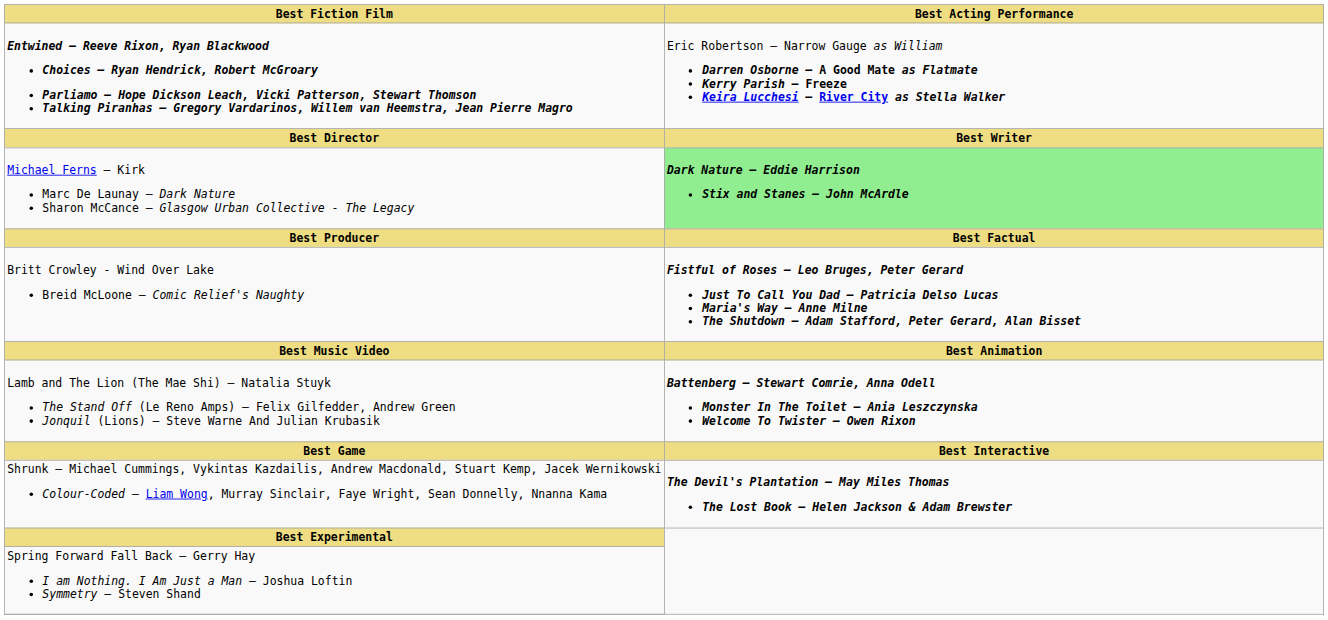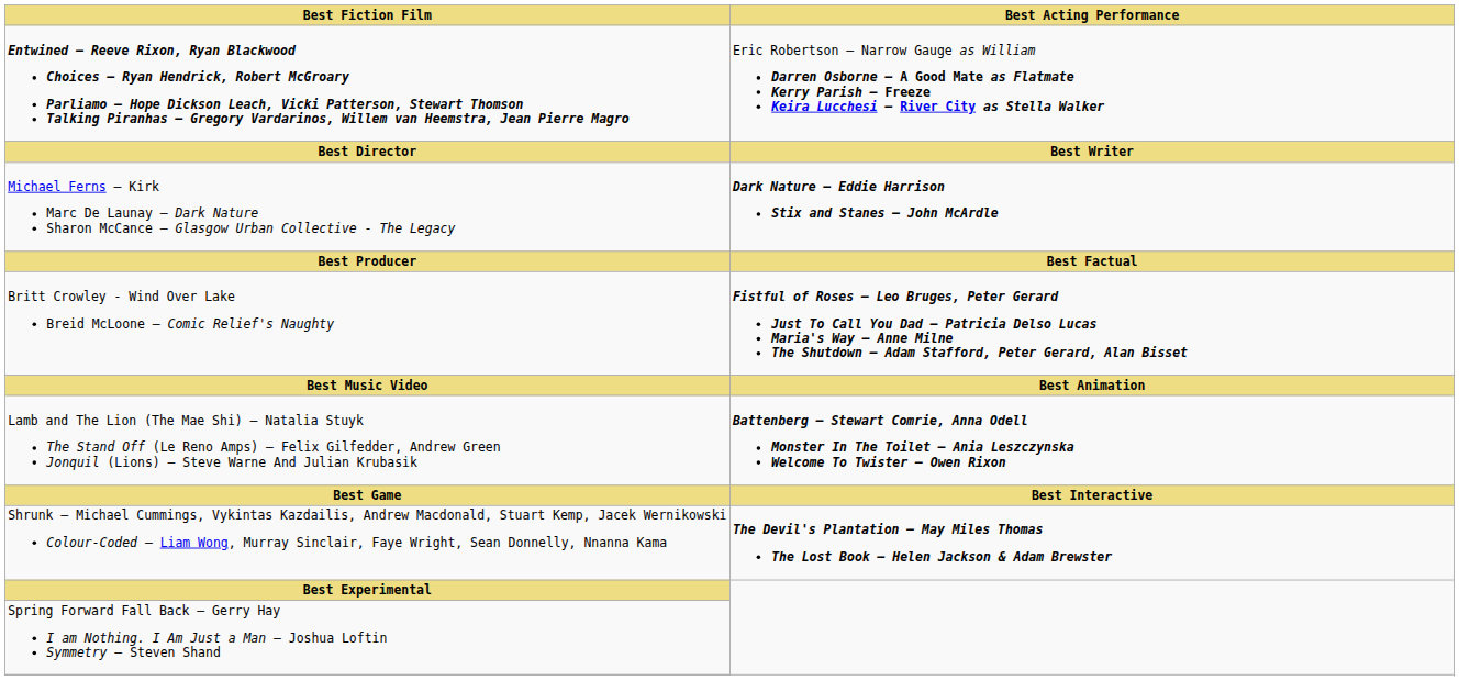 <table class=wikitable>
 <tr>
 <th style="background:#EEDD82; width:50%">Best Fiction Film</th>
 <th style="background:#EEDD82; width:50%">Best Acting Performance</th>
 </tr>
 <tr>
 <td valign="top"><br><strong><em>Entwined<em> – Reeve Rixon, Ryan Blackwood<strong><ul><li></em>Choices<em> – Ryan Hendrick, Robert McGroary</li></ul><ul><li></em>Parliamo<em> – Hope Dickson Leach, Vicki Patterson, Stewart Thomson</li><li></em>Talking Piranhas<em> – Gregory Vardarinos, Willem van Heemstra, Jean Pierre Magro</li></ul></td>
 <td valign="top"><br></strong>Eric Robertson – </em>Narrow Gauge<em> as William<strong><ul><li>Darren Osborne – </em>A Good Mate<em> as Flatmate</li><li>Kerry Parish – </em>Freeze<em></li><li><a href='#'>Keira Lucchesi</a> – </em><a href='#'>River City</a><em> as Stella Walker</li></ul></td>
 </tr>
 <tr>
 <th style="background:#EEDD82; width:50%">Best Director</th>
 <th style="background:#EEDD82; width:50%">Best Writer</th>
 </tr>
 <tr>
 <td valign="top"><br></strong><a href='#'>Michael Ferns</a> – </em>Kirk</em></strong><ul><li>Marc De Launay – <em>Dark Nature</em></li><li>Sharon McCance – <em>Glasgow Urban Collective - The Legacy</em></li></ul></td>
-<td valign="top" style="background: lightgreen;"><br><strong><em>Dark Nature<em> – Eddie Harrison<strong><ul><li></em>Stix and Stanes<em> – John McArdle</li></ul></td>
+<td valign="top"><br><strong><em>Dark Nature<em> – Eddie Harrison<strong><ul><li></em>Stix and Stanes<em> – John McArdle</li></ul></td>
 </tr>
 <tr>
 <th style="background:#EEDD82; width:50%">Best Producer</th>
 <th style="background:#EEDD82; width:50%">Best Factual</th>
 </tr>
 <tr>
 <td valign="top"><br></strong>Britt Crowley - </em>Wind Over Lake</em></strong><ul><li>Breid McLoone – <em>Comic Relief's Naughty</em></li></ul></td>
 <td valign="top"><br><strong><em>Fistful of Roses<em> – Leo Bruges, Peter Gerard<strong><ul><li></em>Just To Call You Dad<em> – Patricia Delso Lucas</li><li></em>Maria's Way<em> – Anne Milne</li><li></em>The Shutdown<em> – Adam Stafford, Peter Gerard, Alan Bisset</li></ul></td>
 </tr>
 <tr>
 <th style="background:#EEDD82; width:50%">Best Music Video</th>
 <th style="background:#EEDD82; width:50%">Best Animation</th>
 </tr>
 <tr>
 <td valign="top"><br></em></strong>Lamb and The Lion</em> (The Mae Shi) – Natalia Stuyk</strong><ul><li><em>The Stand Off</em> (Le Reno Amps) – Felix Gilfedder, Andrew Green</li><li><em>Jonquil</em> (Lions) – Steve Warne And Julian Krubasik</li></ul></td>
 <td valign="top"><br><strong><em>Battenberg<em> – Stewart Comrie, Anna Odell<strong><ul><li></em>Monster In The Toilet<em> – Ania Leszczynska</li><li></em>Welcome To Twister<em> – Owen Rixon</li></ul></td>
 </tr>
 <tr>
 <th style="background:#EEDD82; width:50%">Best Game</th>
 <th style="background:#EEDD82; width:50%">Best Interactive</th>
 </tr>
 <tr>
 <td valign="top"></em></strong>Shrunk</em> – Michael Cummings, Vykintas Kazdailis, Andrew Macdonald, Stuart Kemp, Jacek Wernikowski</strong><br><ul><li><em>Colour-Coded</em> – <a href='#'>Liam Wong</a>, Murray Sinclair, Faye Wright, Sean Donnelly, Nnanna Kama</li></ul></td>
 <td valign="top"><br><strong><em>The Devil's Plantation<em> – May Miles Thomas<strong><ul><li></em>The Lost Book<em> – Helen Jackson & Adam Brewster</li></ul></td>
 </tr>
 <tr>
 <th style="background:#EEDD82; width:50%">Best Experimental</th>
 </tr>
 <tr>
 <td valign="top"></em></strong>Spring Forward Fall Back</em> – Gerry Hay</strong><br><ul><li><em>I am Nothing. I Am Just a Man</em> – Joshua Loftin</li><li><em>Symmetry</em> – Steven Shand</li></ul></td>
 </tr>
 <tr>
 </tr>
 </table>
